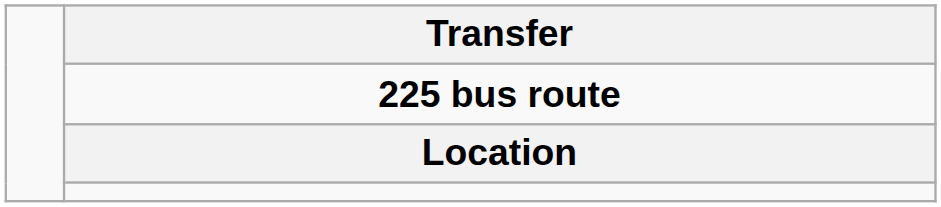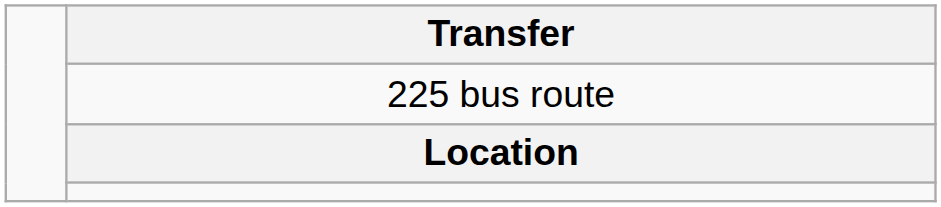 <table class=wikitable style="text-align: center; width: 400px; float:right">
 <tr>
 <td rowspan="4"></td>
 <th>Transfer</th>
 </tr>
 <tr>
-<td><strong>225 bus route</strong></td>
+<td>225 bus route</td>
 </tr>
 <tr>
 <th>Location</th>
 </tr>
 <tr>
 <td></td>
 </tr>
 </table>
